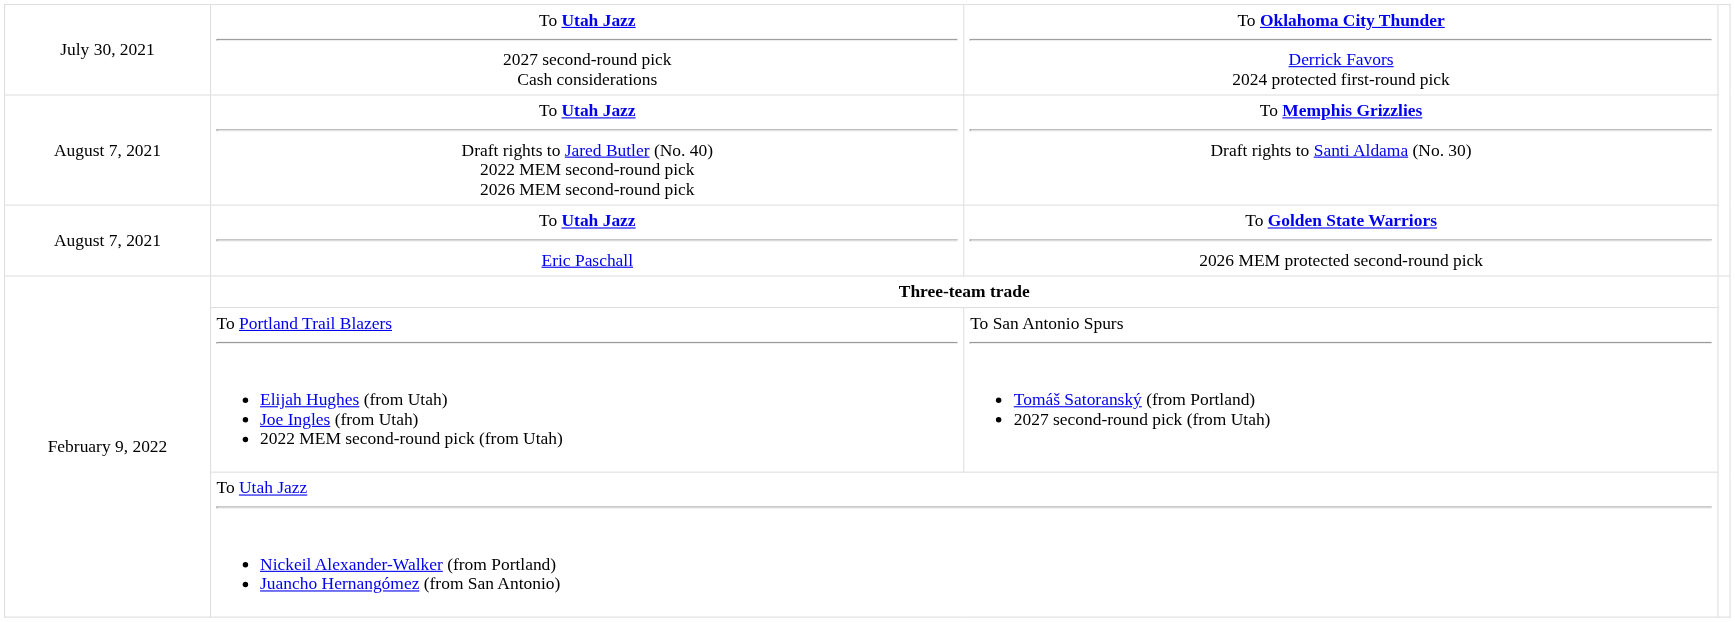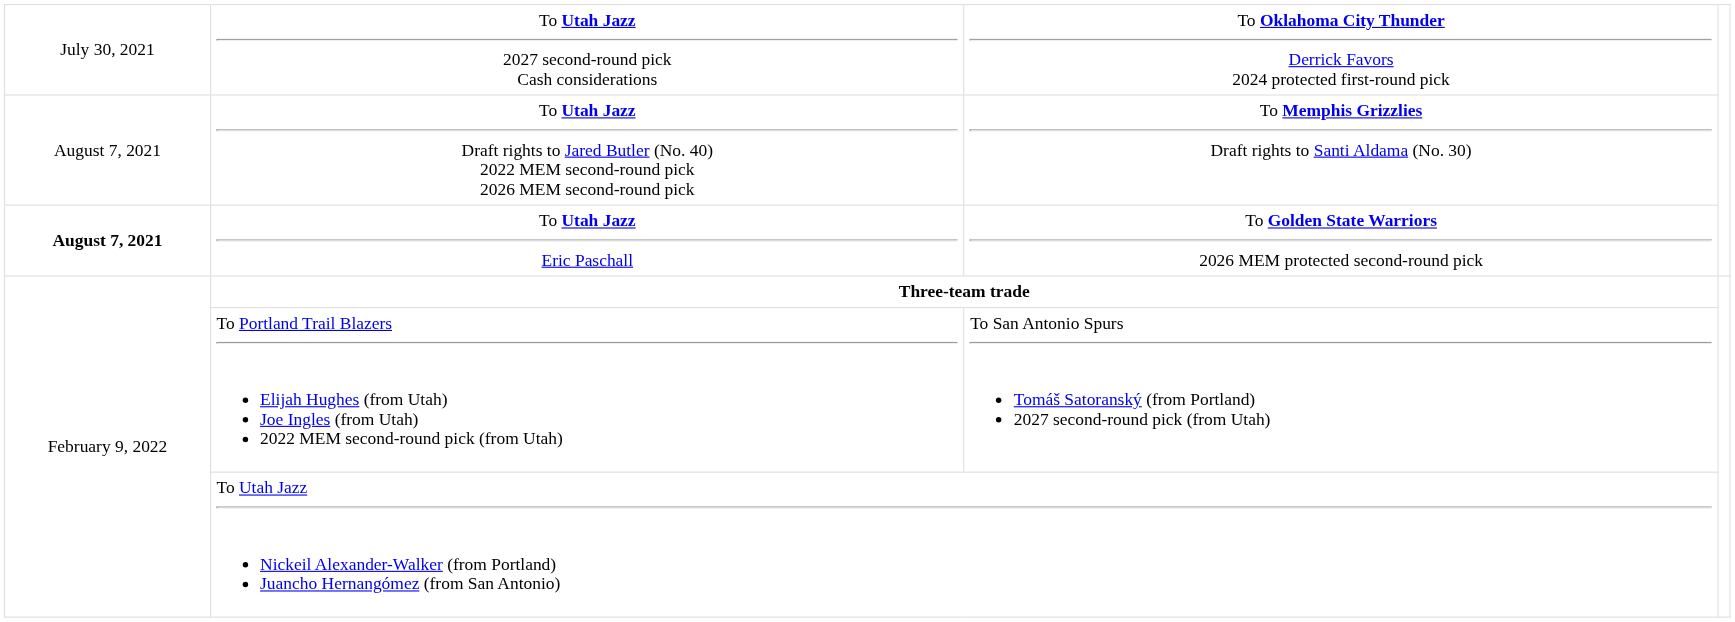 <table border=1 style="border-collapse:collapse; text-align: center; width: 100%" bordercolor="#DFDFDF"  cellpadding="5">
 <tr bgcolor=>
 <td style="width:12%">July 30, 2021</td>
 <td style="width:44%" valign="top">To <strong><a href='#'>Utah Jazz</a></strong><hr>2027 second-round pick<br>Cash considerations</td>
 <td style="width:44%" valign="top">To <strong><a href='#'>Oklahoma City Thunder</a></strong><hr><a href='#'>Derrick Favors</a><br>2024 protected first-round pick</td>
 </tr>
 <tr>
 <td style="width:12%">August 7, 2021</td>
 <td style="width:44%" valign="top">To <strong><a href='#'>Utah Jazz</a></strong><hr>Draft rights to <a href='#'>Jared Butler</a> (No. 40)<br>2022 MEM second-round pick<br>2026 MEM second-round pick</td>
 <td style="width:44%" valign="top">To <strong><a href='#'>Memphis Grizzlies</a></strong><hr>Draft rights to <a href='#'>Santi Aldama</a> (No. 30)</td>
 </tr>
 <tr bgcolor=>
-<td style="width:12%">August 7, 2021</td>
+<td style="width:12%"><strong>August 7, 2021</strong></td>
 <td style="width:44%" valign="top">To <strong><a href='#'>Utah Jazz</a></strong><hr><a href='#'>Eric Paschall</a></td>
 <td style="width:44%" valign="top">To <strong><a href='#'>Golden State Warriors</a></strong><hr>2026 MEM protected second-round pick</td>
 </tr>
 <tr>
 <td rowspan=3>February 9, 2022</td>
 <td colspan=2><strong>Three-team trade</strong></td>
 <td rowspan=3></td>
 </tr>
 <tr>
 <td align="left" valign="top">To <a href='#'>Portland Trail Blazers</a><hr><br><ul><li><a href='#'>Elijah Hughes</a> (from Utah)</li><li><a href='#'>Joe Ingles</a> (from Utah)</li><li>2022 MEM second-round pick (from Utah)</li></ul></td>
 <td align="left" valign="top">To San Antonio Spurs<hr><br><ul><li><a href='#'>Tomáš Satoranský</a> (from Portland)</li><li>2027 second-round pick (from Utah)</li></ul></td>
 </tr>
 <tr>
 <td colspan=2 align="left" valign="top">To <a href='#'>Utah Jazz</a><hr><br><ul><li><a href='#'>Nickeil Alexander-Walker</a> (from Portland)</li><li><a href='#'>Juancho Hernangómez</a> (from San Antonio)</li></ul></td>
 </tr>
 </table>
